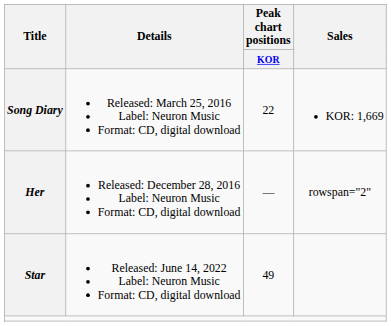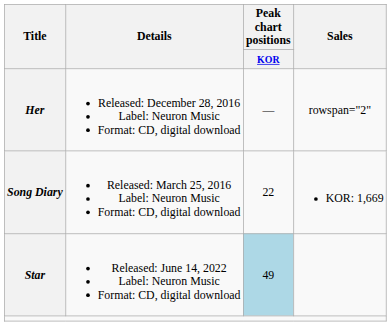 <table class="wikitable plainrowheaders" style="text-align:center;">
 <tr>
 <th scope="col" rowspan="2">Title</th>
 <th scope="col" rowspan="2">Details</th>
 <th scope="col" colspan="1">Peak<br>chart<br>positions</th>
 <th scope="col" rowspan="2">Sales</th>
 </tr>
 <tr>
 <th><small><a href='#'>KOR</a></small><br></th>
 </tr>
 <tr>
+<th scope="row"><em>Her</em></th>
+<td><br><ul><li>Released: December 28, 2016</li><li>Label: Neuron Music</li><li>Format: CD, digital download</li></ul></td>
+<td>—</td>
+<td>rowspan="2" </td>
+</tr>
+<tr>
 <th scope="row"><em>Song Diary</em></th>
 <td><br><ul><li>Released: March 25, 2016</li><li>Label: Neuron Music</li><li>Format: CD, digital download</li></ul></td>
 <td>22</td>
 <td><br><ul><li>KOR: 1,669</li></ul></td>
 </tr>
 <tr>
-<th scope="row"><em>Her</em></th>
-<td><br><ul><li>Released: December 28, 2016</li><li>Label: Neuron Music</li><li>Format: CD, digital download</li></ul></td>
-<td>—</td>
-<td>rowspan="2" </td>
-</tr>
-<tr>
 <th scope="row"><em>Star</em></th>
 <td><br><ul><li>Released: June 14, 2022</li><li>Label: Neuron Music</li><li>Format: CD, digital download</li></ul></td>
-<td>49</td>
+<td style="background: lightblue;">49</td>
 </tr>
 <tr>
 <td colspan="4"></td>
 </tr>
 </table>
